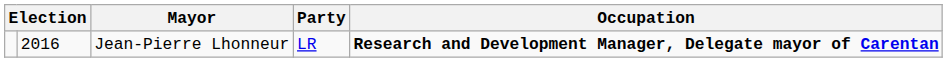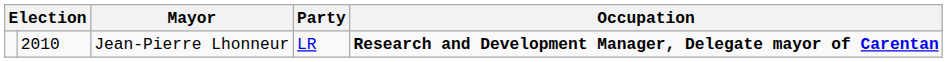 <table class="wikitable">
 <tr>
 <th colspan="2">Election</th>
 <th>Mayor</th>
 <th>Party</th>
 <th>Occupation</th>
 </tr>
 <tr>
 <td style="background-color: "></td>
-<td>2016</td>
+<td>2010</td>
 <td>Jean-Pierre Lhonneur</td>
 <td><a href='#'>LR</a></td>
 <td><strong>Research and Development Manager, Delegate mayor of <a href='#'>Carentan</a></strong></td>
 </tr>
 </table>
